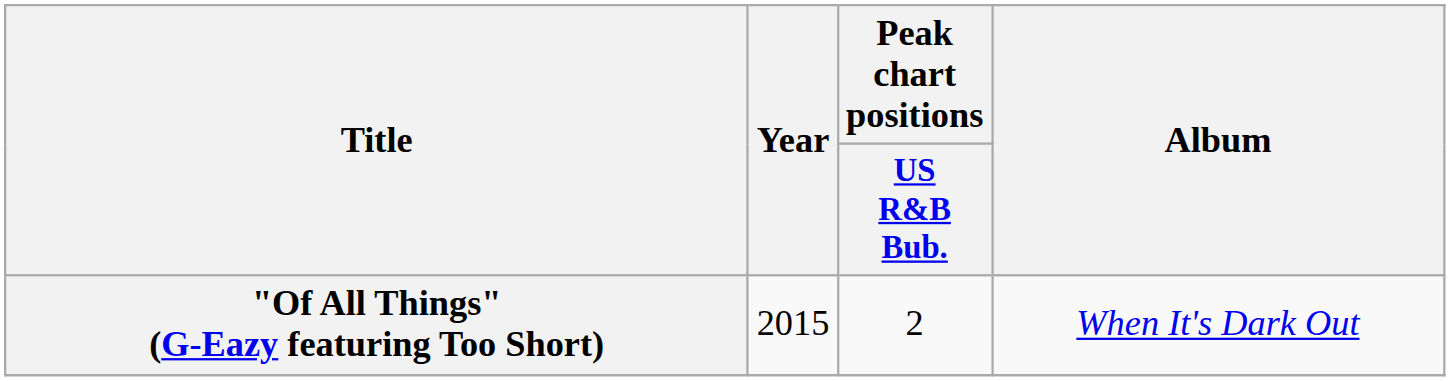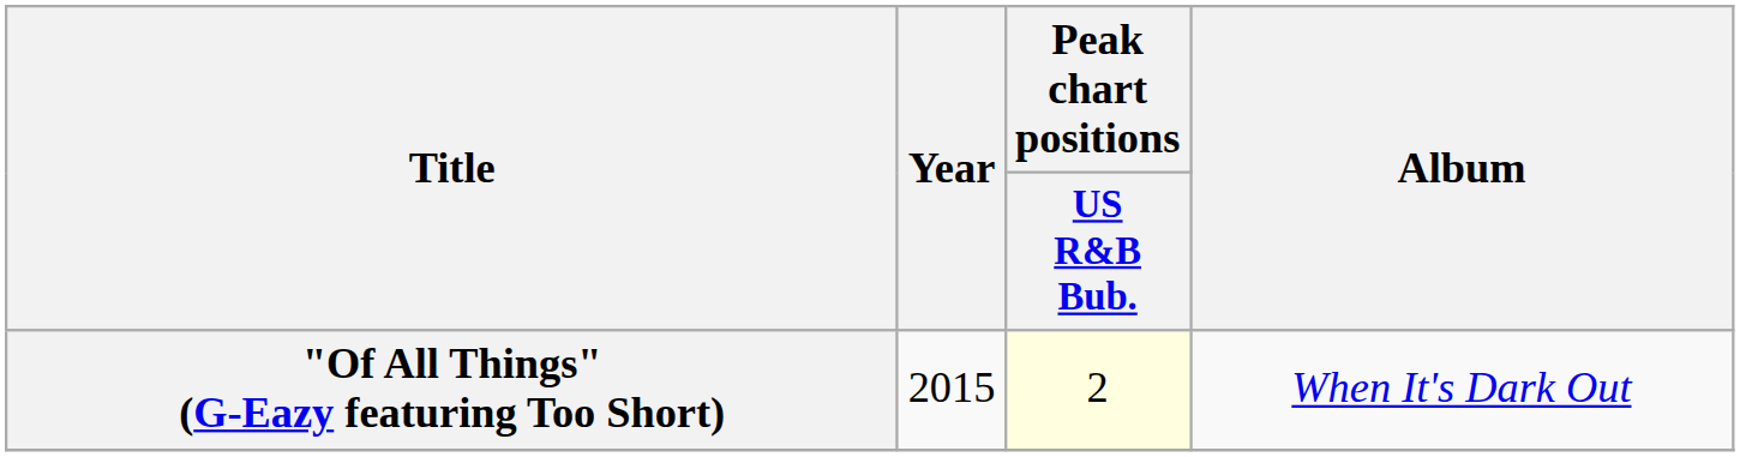 <table class="wikitable plainrowheaders" style="text-align:center;">
 <tr>
 <th scope="col" rowspan="2" style="width:20em;">Title</th>
 <th scope="col" rowspan="2" style="width:1em;">Year</th>
 <th scope="col" colspan="1">Peak chart positions</th>
 <th scope="col" rowspan="2" style="width:12em;">Album</th>
 </tr>
 <tr>
 <th scope="col" style="width:2.5em;font-size:90%;"><a href='#'>US<br>R&B<br>Bub.</a><br></th>
 </tr>
 <tr>
 <th scope="row">"Of All Things"<br><span>(<a href='#'>G-Eazy</a> featuring Too Short)</span></th>
 <td>2015</td>
-<td>2</td>
+<td style="background: lightyellow;">2</td>
 <td><em><a href='#'>When It's Dark Out</a></em></td>
 </tr>
 <tr>
 </tr>
 </table>
